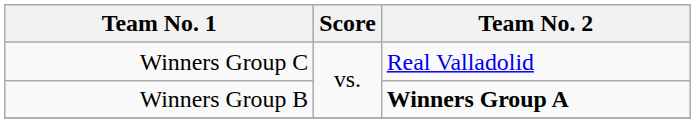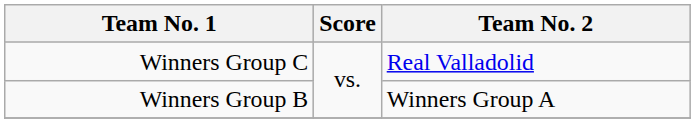 <table class="wikitable">
 <tr>
 <th width="200">Team No. 1</th>
 <th>Score</th>
 <th width="200">Team No. 2</th>
 </tr>
 <tr>
 <td align="right">Winners Group C</td>
 <td align="center" rowspan="2">vs.</td>
 <td align="left"><a href='#'>Real Valladolid</a></td>
 </tr>
 <tr>
 <td align="right">Winners Group B</td>
-<td align="left"><strong>Winners Group A</strong></td>
+<td align="left">Winners Group A</td>
 </tr>
 <tr>
 </tr>
 </table>
